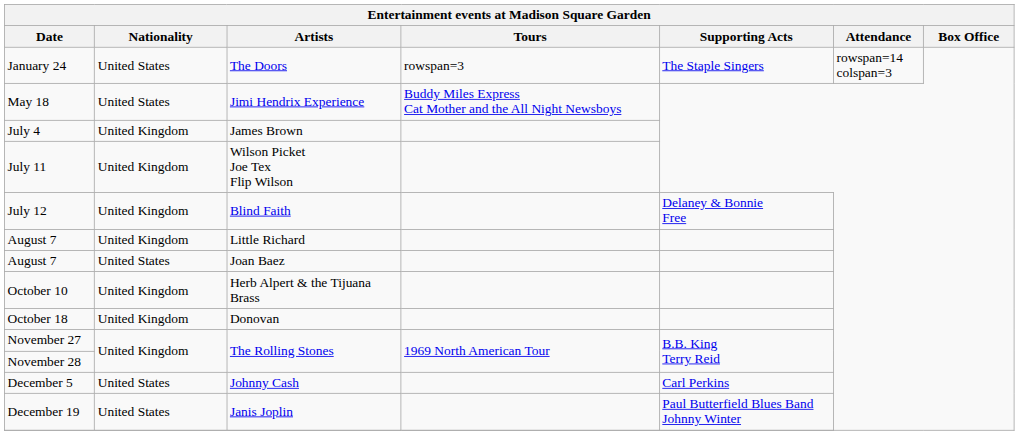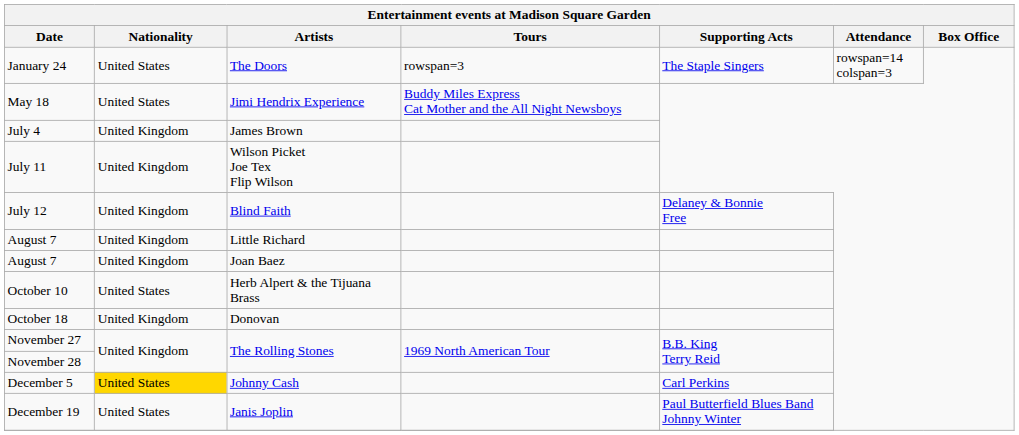 <table class="wikitable">
 <tr>
 <th colspan="7">Entertainment events at Madison Square Garden</th>
 </tr>
 <tr>
 <th width=100>Date</th>
 <th width=150>Nationality</th>
 <th width=200>Artists</th>
 <th width=300>Tours</th>
 <th width=200>Supporting Acts</th>
 <th width=100>Attendance</th>
 <th width=100>Box Office</th>
 </tr>
 <tr>
 <td>January 24</td>
 <td>United States</td>
 <td><a href='#'>The Doors</a></td>
 <td>rowspan=3 </td>
 <td><a href='#'>The Staple Singers</a></td>
 <td>rowspan=14 colspan=3 </td>
 </tr>
 <tr>
 <td>May 18</td>
 <td>United States</td>
 <td><a href='#'>Jimi Hendrix Experience</a></td>
 <td><a href='#'>Buddy Miles Express</a><br><a href='#'>Cat Mother and the All Night Newsboys</a></td>
 </tr>
 <tr>
 <td>July 4</td>
 <td>United Kingdom</td>
 <td>James Brown</td>
 <td></td>
 </tr>
 <tr>
 <td>July 11</td>
 <td>United Kingdom</td>
 <td>Wilson Picket<br>Joe Tex<br>Flip Wilson</td>
 <td></td>
 </tr>
 <tr>
 <td>July 12</td>
 <td>United Kingdom</td>
 <td><a href='#'>Blind Faith</a></td>
 <td></td>
 <td><a href='#'>Delaney & Bonnie</a><br><a href='#'>Free</a></td>
 </tr>
 <tr>
 <td>August 7</td>
 <td>United Kingdom</td>
 <td>Little Richard</td>
 <td></td>
 <td></td>
 </tr>
 <tr>
 <td>August 7</td>
-<td>United States</td>
+<td>United Kingdom</td>
 <td>Joan Baez</td>
 <td></td>
 <td></td>
 </tr>
 <tr>
 <td>October 10</td>
-<td>United Kingdom</td>
+<td>United States</td>
 <td>Herb Alpert & the Tijuana Brass</td>
 <td></td>
 <td></td>
 </tr>
 <tr>
 <td>October 18</td>
 <td>United Kingdom</td>
 <td>Donovan</td>
 <td></td>
 <td></td>
 </tr>
 <tr>
 <td>November 27</td>
 <td rowspan="2">United Kingdom</td>
 <td rowspan="2"><a href='#'>The Rolling Stones</a></td>
 <td rowspan="2"><a href='#'>1969 North American Tour</a></td>
 <td rowspan="2"><a href='#'>B.B. King</a><br><a href='#'>Terry Reid</a></td>
 </tr>
 <tr>
 <td>November 28</td>
 </tr>
 <tr>
 <td>December 5</td>
-<td>United States</td>
+<td style="background: gold;">United States</td>
 <td><a href='#'>Johnny Cash</a></td>
 <td></td>
 <td><a href='#'>Carl Perkins</a></td>
 </tr>
 <tr>
 <td>December 19</td>
 <td>United States</td>
 <td><a href='#'>Janis Joplin</a></td>
 <td></td>
 <td><a href='#'>Paul Butterfield Blues Band</a><br><a href='#'>Johnny Winter</a></td>
 </tr>
 <tr>
 </tr>
 </table>
